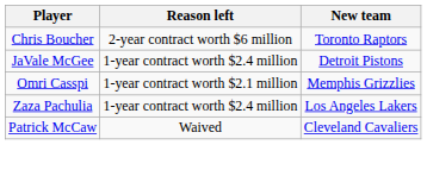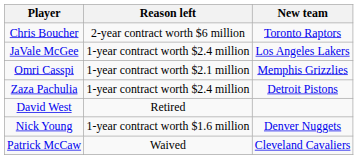 <table class="wikitable sortable sortable" style="text-align: center">
 <tr>
 <th>Player</th>
 <th>Reason left</th>
 <th>New team</th>
 </tr>
 <tr style="text-align: center">
 <td><a href='#'>Chris Boucher</a></td>
 <td>2-year contract worth $6 million</td>
 <td><a href='#'>Toronto Raptors</a></td>
 </tr>
 <tr style="text-align: center">
 <td><a href='#'>JaVale McGee</a></td>
 <td>1-year contract worth $2.4 million</td>
-<td><a href='#'>Detroit Pistons</a></td>
+<td><a href='#'>Los Angeles Lakers</a></td>
 </tr>
 <tr style="text-align: center">
 <td><a href='#'>Omri Casspi</a></td>
 <td>1-year contract worth $2.1 million</td>
 <td><a href='#'>Memphis Grizzlies</a></td>
 </tr>
 <tr style="text-align: center">
 <td><a href='#'>Zaza Pachulia</a></td>
 <td>1-year contract worth $2.4 million</td>
-<td><a href='#'>Los Angeles Lakers</a></td>
+<td><a href='#'>Detroit Pistons</a></td>
+</tr>
+<tr style="text-align: center">
+<td><a href='#'>David West</a></td>
+<td>Retired</td>
+<td></td>
+</tr>
+<tr style="text-align: center">
+<td><a href='#'>Nick Young</a></td>
+<td>1-year contract worth $1.6 million</td>
+<td><a href='#'>Denver Nuggets</a></td>
 </tr>
 <tr style="text-align: center">
 <td><a href='#'>Patrick McCaw</a></td>
 <td>Waived</td>
 <td><a href='#'>Cleveland Cavaliers</a></td>
 </tr>
 </table>
